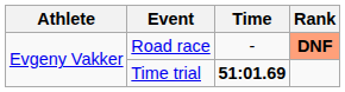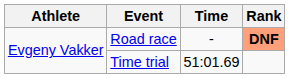 <table class=wikitable style="font-size:90%">
 <tr>
 <th>Athlete</th>
 <th>Event</th>
 <th>Time</th>
 <th>Rank</th>
 </tr>
 <tr>
 <td rowspan=2><a href='#'>Evgeny Vakker</a></td>
 <td><a href='#'>Road race</a></td>
 <td align=center>-</td>
 <td align=center style="background: lightsalmon;"><strong>DNF</strong></td>
 </tr>
 <tr>
 <td><a href='#'>Time trial</a></td>
-<td align=center><strong>51:01.69</strong></td>
+<td align=center>51:01.69</td>
 <td align=center><strong></strong></td>
 </tr>
 </table>
